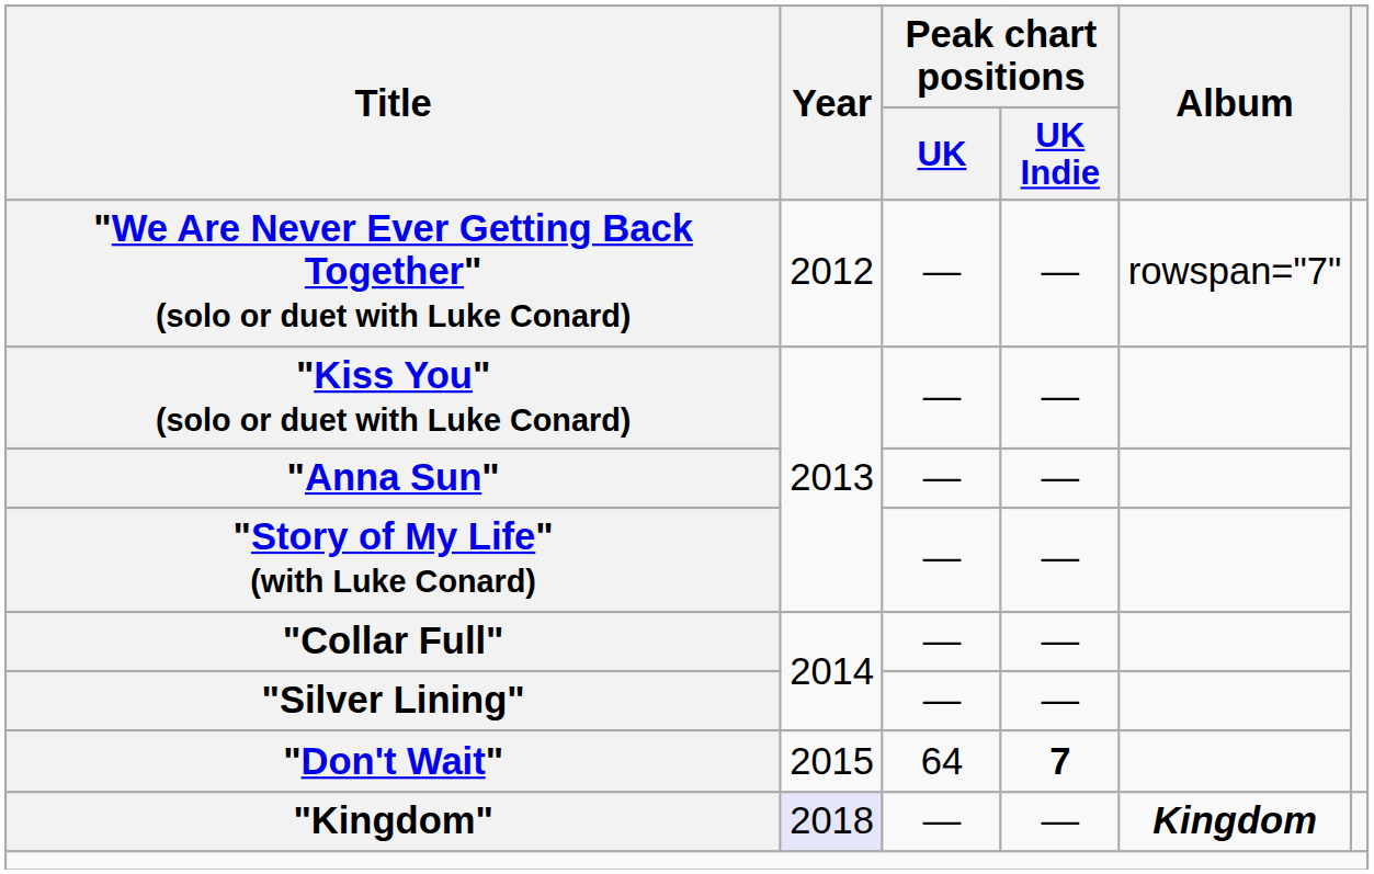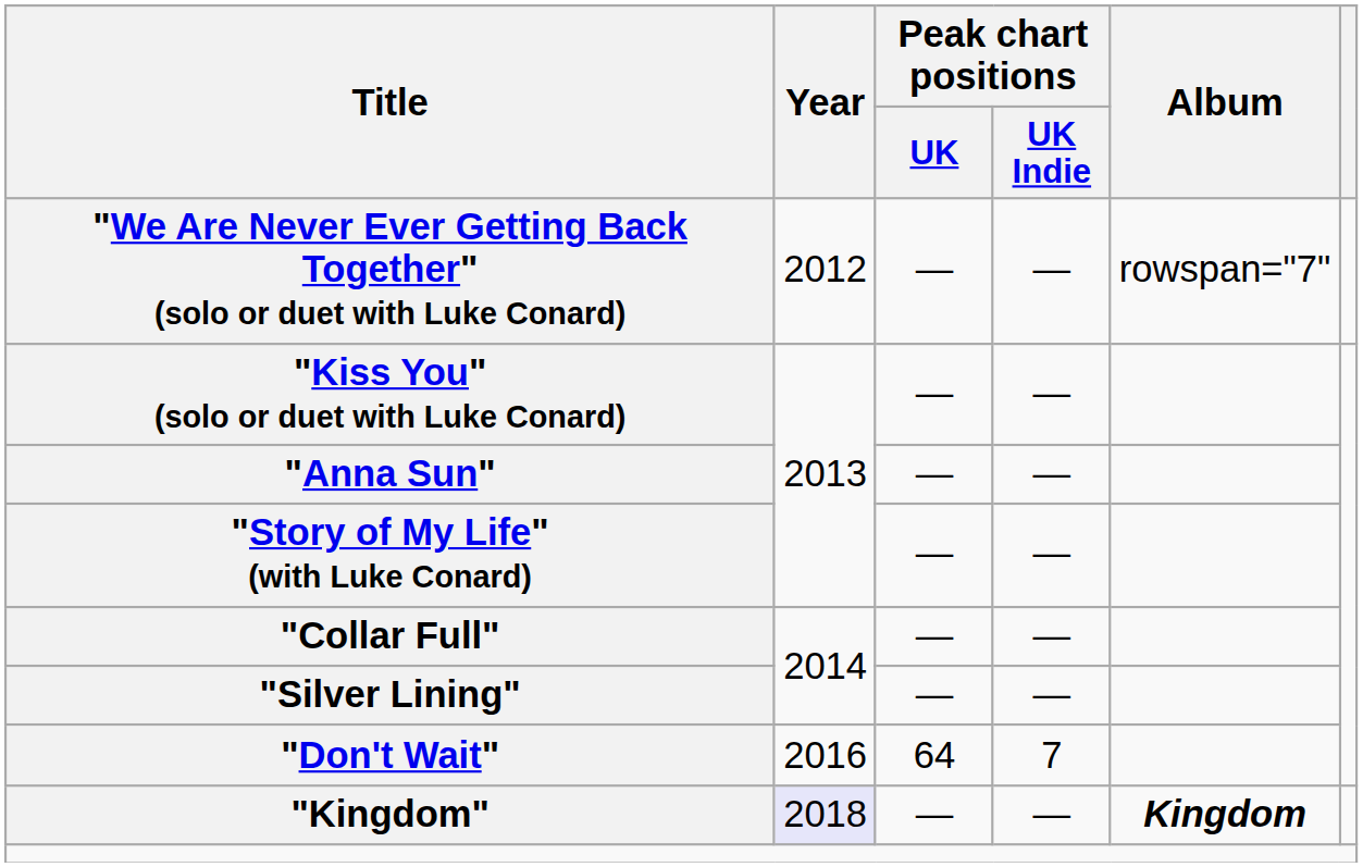 <table class="wikitable plainrowheaders" style="text-align:center;">
 <tr>
 <th scope="col" rowspan="2" style="width:20em;">Title</th>
 <th scope="col" rowspan="2" style="width:1em;">Year</th>
 <th scope="col" colspan="2">Peak chart positions</th>
 <th scope="col" rowspan="2">Album</th>
 <th scope="col" rowspan="2"></th>
 </tr>
 <tr>
 <th scope="col" style="width:3em;font-size:90%;"><a href='#'>UK </a><br></th>
 <th scope="col" style="width:3em;font-size:90%;"><a href='#'>UK Indie</a><br></th>
 </tr>
 <tr>
 <th scope="row">"<a href='#'>We Are Never Ever Getting Back Together</a>"<br><small>(solo or duet with Luke Conard)</small></th>
 <td>2012</td>
 <td>—</td>
 <td>—</td>
 <td>rowspan="7" </td>
 <td></td>
 </tr>
 <tr>
 <th scope="row">"<a href='#'>Kiss You</a>"<br><small>(solo or duet with Luke Conard)</small></th>
 <td rowspan="3">2013</td>
 <td>—</td>
 <td>—</td>
 <td></td>
 </tr>
 <tr>
 <th scope="row">"<a href='#'>Anna Sun</a>"</th>
 <td>—</td>
 <td>—</td>
 <td></td>
 </tr>
 <tr>
 <th scope="row">"<a href='#'>Story of My Life</a>"<br><small>(with Luke Conard)</small></th>
 <td>—</td>
 <td>—</td>
 <td></td>
 </tr>
 <tr>
 <th scope="row">"Collar Full"</th>
 <td rowspan="2">2014</td>
 <td>—</td>
 <td>—</td>
 <td></td>
 </tr>
 <tr>
 <th scope="row">"Silver Lining"</th>
 <td>—</td>
 <td>—</td>
 <td></td>
 </tr>
 <tr>
 <th scope="row">"<a href='#'>Don't Wait</a>"</th>
-<td>2015</td>
+<td>2016</td>
 <td>64</td>
-<td><strong>7</strong></td>
+<td>7</td>
 <td></td>
 </tr>
 <tr>
 <th scope="row">"Kingdom"</th>
 <td style="background: lavender;">2018</td>
 <td>—</td>
 <td>—</td>
 <td><strong><em>Kingdom</em></strong></td>
 <td></td>
 </tr>
 <tr>
 <td colspan="7"></td>
 </tr>
 </table>
